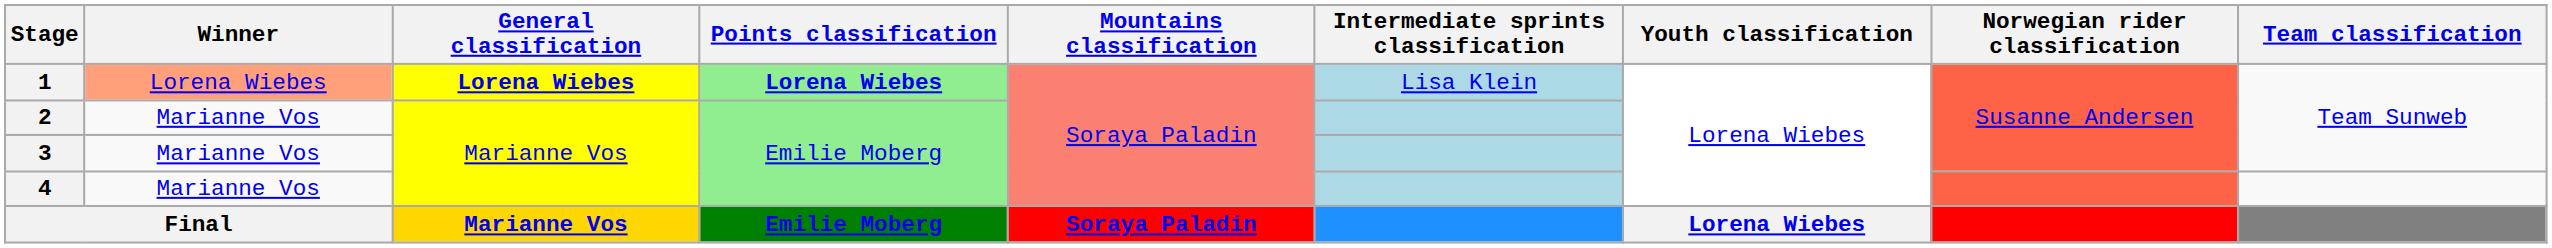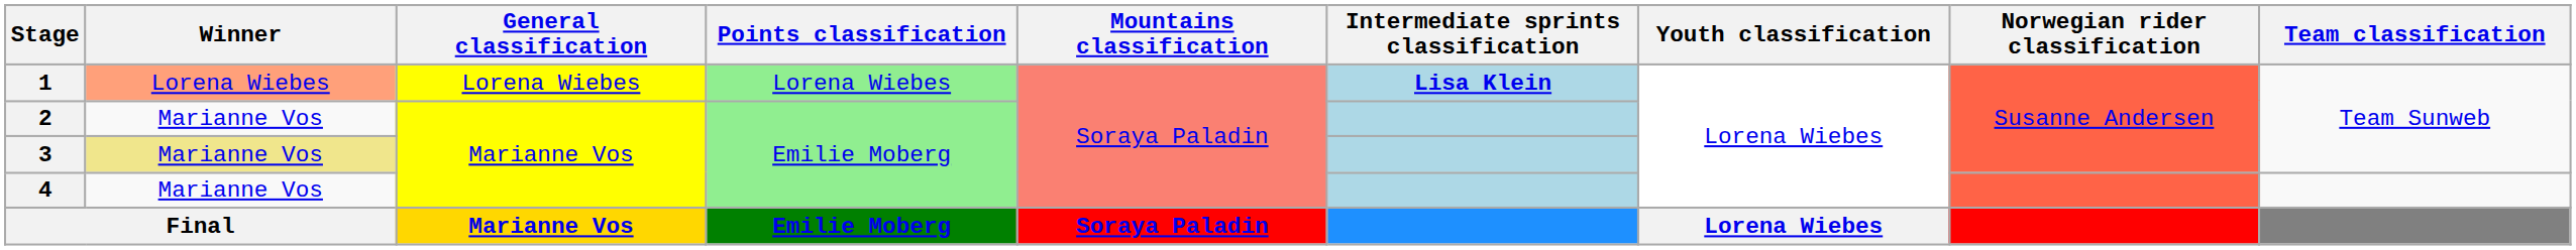 <table class="wikitable" style="text-align: center; font-size:86%;">
 <tr style="background-color: #efefef;">
 <th width="1%">Stage</th>
 <th width="12%">Winner</th>
 <th width="12%"><a href='#'>General classification</a><br></th>
 <th width="12%"><a href='#'>Points classification</a><br></th>
 <th width="12%"><a href='#'>Mountains classification</a><br></th>
 <th width="12%">Intermediate sprints classification<br></th>
 <th width="12%">Youth classification<br></th>
 <th width="12%">Norwegian rider classification<br></th>
 <th width="12%"><a href='#'>Team classification</a><br></th>
 </tr>
 <tr>
 <th>1</th>
 <td style="background: lightsalmon;"><a href='#'>Lorena Wiebes</a></td>
-<td style="background-color:yellow"><strong><a href='#'>Lorena Wiebes</a></strong></td>
-<td style="background-color:lightgreen"><strong><a href='#'>Lorena Wiebes</a></strong></td>
+<td style="background-color:yellow"><a href='#'>Lorena Wiebes</a></td>
+<td style="background-color:lightgreen"><a href='#'>Lorena Wiebes</a></td>
 <td style="background-color:salmon" rowspan=4><a href='#'>Soraya Paladin</a></td>
-<td style="background-color:lightblue"><a href='#'>Lisa Klein</a></td>
+<td style="background-color:lightblue"><strong><a href='#'>Lisa Klein</a></strong></td>
 <td style="background-color:white" rowspan=4><a href='#'>Lorena Wiebes</a></td>
 <td style="background-color:tomato" rowspan=3><a href='#'>Susanne Andersen</a></td>
 <td rowspan=3><a href='#'>Team Sunweb</a></td>
 </tr>
 <tr>
 <th>2</th>
 <td><a href='#'>Marianne Vos</a></td>
 <td style="background-color:yellow" rowspan=3><a href='#'>Marianne Vos</a></td>
 <td style="background-color:lightgreen" rowspan=3><a href='#'>Emilie Moberg</a></td>
 <td style="background-color:lightblue"></td>
 </tr>
 <tr>
 <th>3</th>
-<td><a href='#'>Marianne Vos</a></td>
+<td style="background: khaki;"><a href='#'>Marianne Vos</a></td>
 <td style="background-color:lightblue"></td>
 </tr>
 <tr>
 <th>4</th>
 <td><a href='#'>Marianne Vos</a></td>
 <td style="background-color:lightblue"></td>
 <td style="background-color:tomato"></td>
 <td></td>
 </tr>
 <tr>
 <th colspan=2><strong>Final</strong></th>
 <th style="background:gold;"><a href='#'>Marianne Vos</a></th>
 <th style="background:green;"><a href='#'>Emilie Moberg</a></th>
 <th style="background:red;"><a href='#'>Soraya Paladin</a></th>
 <th style="background:dodgerblue;"></th>
 <th style="background:light grey;"><a href='#'>Lorena Wiebes</a></th>
 <th style="background:red;"></th>
 <th style="background:grey;"></th>
 </tr>
 </table>
